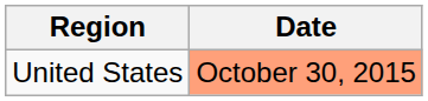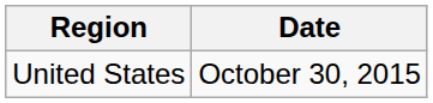 <table class="wikitable">
 <tr>
 <th>Region</th>
 <th>Date</th>
 </tr>
 <tr>
 <td>United States</td>
-<td style="background: lightsalmon;">October 30, 2015</td>
+<td>October 30, 2015</td>
 </tr>
 </table>
